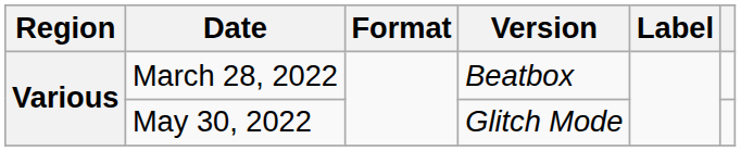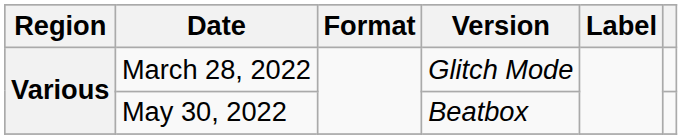 <table class="wikitable plainrowheaders">
 <tr>
 <th scope="col">Region</th>
 <th scope="col">Date</th>
 <th scope="col">Format</th>
 <th scope="col">Version</th>
 <th scope="col">Label</th>
 <th scope="col"></th>
 </tr>
 <tr>
 <th scope="row" rowspan="2">Various</th>
 <td>March 28, 2022</td>
 <td rowspan="2"></td>
-<td><em>Beatbox</em></td>
+<td><em>Glitch Mode</em></td>
 <td rowspan="2"></td>
 <td align="center"></td>
 </tr>
 <tr>
 <td>May 30, 2022</td>
-<td><em>Glitch Mode</em></td>
+<td><em>Beatbox</em></td>
 <td align="center"></td>
 </tr>
 </table>
